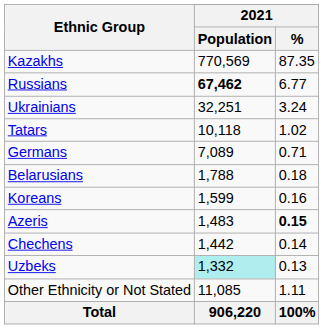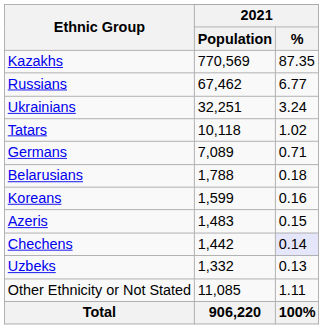 <table class="wikitable sortable">
 <tr>
 <th rowspan="3">Ethnic Group</th>
 </tr>
 <tr>
 <th colspan="2">2021</th>
 </tr>
 <tr>
 <th>Population</th>
 <th>%</th>
 </tr>
 <tr>
 <td><a href='#'>Kazakhs</a></td>
 <td>770,569</td>
 <td>87.35</td>
 </tr>
 <tr>
 <td><a href='#'>Russians</a></td>
-<td><strong>67,462</strong></td>
+<td>67,462</td>
 <td>6.77</td>
 </tr>
 <tr>
 <td><a href='#'>Ukrainians</a></td>
 <td>32,251</td>
 <td>3.24</td>
 </tr>
 <tr>
 <td><a href='#'>Tatars</a></td>
 <td>10,118</td>
 <td>1.02</td>
 </tr>
 <tr>
 <td><a href='#'>Germans</a></td>
 <td>7,089</td>
 <td>0.71</td>
 </tr>
 <tr>
 <td><a href='#'>Belarusians</a></td>
 <td>1,788</td>
 <td>0.18</td>
 </tr>
 <tr>
 <td><a href='#'>Koreans</a></td>
 <td>1,599</td>
 <td>0.16</td>
 </tr>
 <tr>
 <td><a href='#'>Azeris</a></td>
 <td>1,483</td>
-<td><strong>0.15</strong></td>
+<td>0.15</td>
 </tr>
 <tr>
 <td><a href='#'>Chechens</a></td>
 <td>1,442</td>
-<td>0.14</td>
+<td style="background: lavender;">0.14</td>
 </tr>
 <tr>
 <td><a href='#'>Uzbeks</a></td>
-<td style="background: paleturquoise;">1,332</td>
+<td>1,332</td>
 <td>0.13</td>
 </tr>
 <tr>
 <td>Other Ethnicity or Not Stated</td>
 <td>11,085</td>
 <td>1.11</td>
 </tr>
 <tr>
 <th>Total</th>
 <th>906,220</th>
 <th>100%</th>
 </tr>
 </table>
